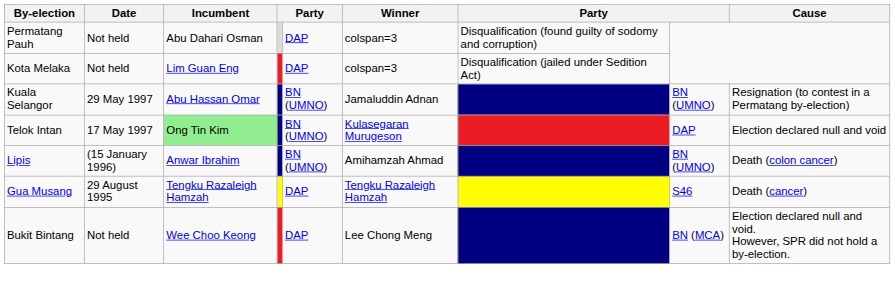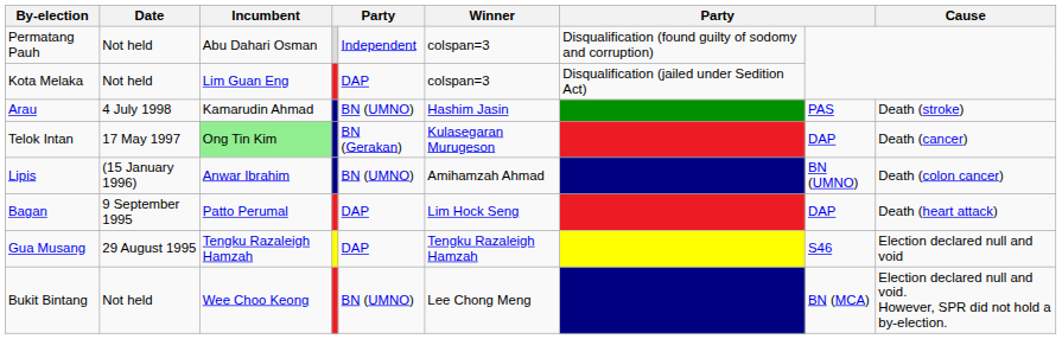 <table class="wikitable">
 <tr>
 <th>By-election</th>
 <th>Date</th>
 <th>Incumbent</th>
 <th colspan=2>Party</th>
 <th>Winner</th>
 <th colspan=2>Party</th>
 <th>Cause</th>
 </tr>
 <tr>
 <td>Permatang Pauh</td>
 <td>Not held</td>
 <td>Abu Dahari Osman</td>
 <td bgcolor=#DCDCDC></td>
-<td><a href='#'>DAP</a></td>
+<td><a href='#'>Independent</a></td>
 <td>colspan=3 </td>
 <td>Disqualification (found guilty of sodomy and corruption)</td>
 </tr>
 <tr>
 <td>Kota Melaka</td>
 <td>Not held</td>
 <td><a href='#'>Lim Guan Eng</a></td>
 <td bgcolor=#ED1C24></td>
 <td><a href='#'>DAP</a></td>
 <td>colspan=3 </td>
 <td>Disqualification (jailed under Sedition Act)</td>
 </tr>
 <tr>
-<td>Kuala Selangor</td>
-<td>29 May 1997</td>
-<td><a href='#'>Abu Hassan Omar</a></td>
+<td><a href='#'>Arau</a></td>
+<td>4 July 1998</td>
+<td>Kamarudin Ahmad</td>
 <td bgcolor=#000080></td>
 <td><a href='#'>BN</a> (<a href='#'>UMNO</a>)</td>
-<td>Jamaluddin Adnan</td>
-<td bgcolor=#000080></td>
-<td><a href='#'>BN</a> (<a href='#'>UMNO</a>)</td>
-<td>Resignation (to contest in a<br> Permatang by-election)</td>
+<td><a href='#'>Hashim Jasin</a></td>
+<td bgcolor=#009000></td>
+<td><a href='#'>PAS</a></td>
+<td>Death (<a href='#'>stroke</a>)</td>
 </tr>
 <tr>
 <td>Telok Intan</td>
 <td>17 May 1997</td>
 <td style="background: lightgreen;">Ong Tin Kim</td>
 <td bgcolor=#000080></td>
-<td><a href='#'>BN</a> (<a href='#'>UMNO</a>)</td>
+<td><a href='#'>BN</a> (<a href='#'>Gerakan</a>)</td>
 <td><a href='#'>Kulasegaran Murugeson</a></td>
 <td bgcolor=#ED1C24></td>
 <td><a href='#'>DAP</a></td>
-<td>Election declared null and void</td>
+<td>Death (<a href='#'>cancer</a>)</td>
 </tr>
 <tr>
 <td><a href='#'>Lipis</a></td>
 <td>(15 January 1996)</td>
 <td><a href='#'>Anwar Ibrahim</a></td>
 <td bgcolor=#000080></td>
 <td><a href='#'>BN</a> (<a href='#'>UMNO</a>)</td>
 <td>Amihamzah Ahmad</td>
 <td bgcolor=#000080></td>
 <td><a href='#'>BN</a> (<a href='#'>UMNO</a>)</td>
 <td>Death (<a href='#'>colon cancer</a>)</td>
 </tr>
 <tr>
+<td><a href='#'>Bagan</a></td>
+<td>9 September 1995</td>
+<td><a href='#'>Patto Perumal</a></td>
+<td bgcolor=#ED1C24></td>
+<td><a href='#'>DAP</a></td>
+<td><a href='#'>Lim Hock Seng</a></td>
+<td bgcolor=#ED1C24></td>
+<td><a href='#'>DAP</a></td>
+<td>Death (<a href='#'>heart attack</a>)</td>
+</tr>
+<tr>
 <td><a href='#'>Gua Musang</a></td>
 <td>29 August 1995</td>
 <td><a href='#'>Tengku Razaleigh Hamzah</a></td>
 <td bgcolor=#FFFF00></td>
 <td><a href='#'>DAP</a></td>
 <td><a href='#'>Tengku Razaleigh Hamzah</a></td>
 <td bgcolor=#FFFF00></td>
 <td><a href='#'>S46</a></td>
-<td>Death (<a href='#'>cancer</a>)</td>
+<td>Election declared null and void</td>
 </tr>
 <tr>
 <td>Bukit Bintang</td>
 <td>Not held</td>
 <td><a href='#'>Wee Choo Keong</a></td>
 <td bgcolor=#ED1C24></td>
-<td><a href='#'>DAP</a></td>
+<td><a href='#'>BN</a> (<a href='#'>UMNO</a>)</td>
 <td>Lee Chong Meng</td>
 <td bgcolor=#000080></td>
 <td><a href='#'>BN</a> (<a href='#'>MCA</a>)</td>
 <td>Election declared null and void.<br> However, SPR did not hold a by-election.</td>
 </tr>
 </table>
